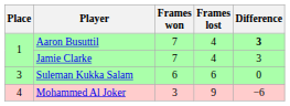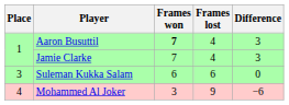 <table class="wikitable sortable" style="text-align: center;">
 <tr>
 <th width=20>Place</th>
 <th width=176>Player</th>
 <th width=20>Frames won</th>
 <th width=20>Frames lost</th>
 <th width=20>Difference</th>
 </tr>
 <tr style="background:#aaffaa;">
 <td rowspan=2>1</td>
 <td style="text-align:left;"> <a href='#'>Aaron Busuttil</a></td>
-<td>7</td>
+<td><strong>7</strong></td>
 <td>4</td>
-<td><strong>3</strong></td>
+<td>3</td>
 </tr>
 <tr style="background:#aaffaa;">
 <td style="text-align:left;"> <a href='#'>Jamie Clarke</a></td>
 <td>7</td>
 <td>4</td>
 <td>3</td>
 </tr>
 <tr style="background:#aaffaa;">
 <td>3</td>
 <td style="text-align:left;"> <a href='#'>Suleman Kukka Salam</a></td>
 <td>6</td>
 <td>6</td>
 <td>0</td>
 </tr>
 <tr style="background:#fcc;">
 <td>4</td>
 <td style="text-align:left;"> <a href='#'>Mohammed Al Joker</a></td>
 <td>3</td>
 <td>9</td>
 <td>−6</td>
 </tr>
 </table>
